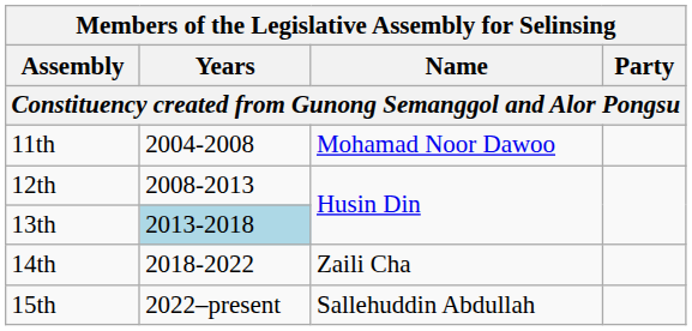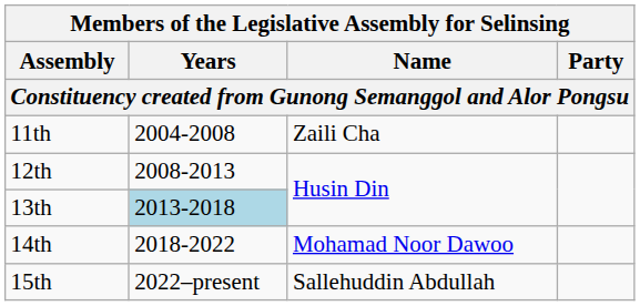 <table class="wikitable">
 <tr>
 <th colspan="4">Members of the Legislative Assembly for Selinsing</th>
 </tr>
 <tr>
 <th>Assembly</th>
 <th>Years</th>
 <th>Name</th>
 <th>Party</th>
 </tr>
 <tr>
 <th colspan="4"><em>Constituency created from Gunong Semanggol and Alor Pongsu</em></th>
 </tr>
 <tr>
 <td>11th</td>
 <td>2004-2008</td>
-<td><a href='#'>Mohamad Noor Dawoo</a></td>
+<td>Zaili Cha</td>
 <td></td>
 </tr>
 <tr>
 <td>12th</td>
 <td>2008-2013</td>
 <td rowspan="2"><a href='#'>Husin Din</a></td>
 <td rowspan="2"></td>
 </tr>
 <tr>
 <td>13th</td>
 <td style="background: lightblue;">2013-2018</td>
 </tr>
 <tr>
 <td>14th</td>
 <td>2018-2022</td>
-<td>Zaili Cha</td>
+<td><a href='#'>Mohamad Noor Dawoo</a></td>
 <td></td>
 </tr>
 <tr>
 <td>15th</td>
 <td>2022–present</td>
 <td>Sallehuddin Abdullah</td>
 <td></td>
 </tr>
 </table>
